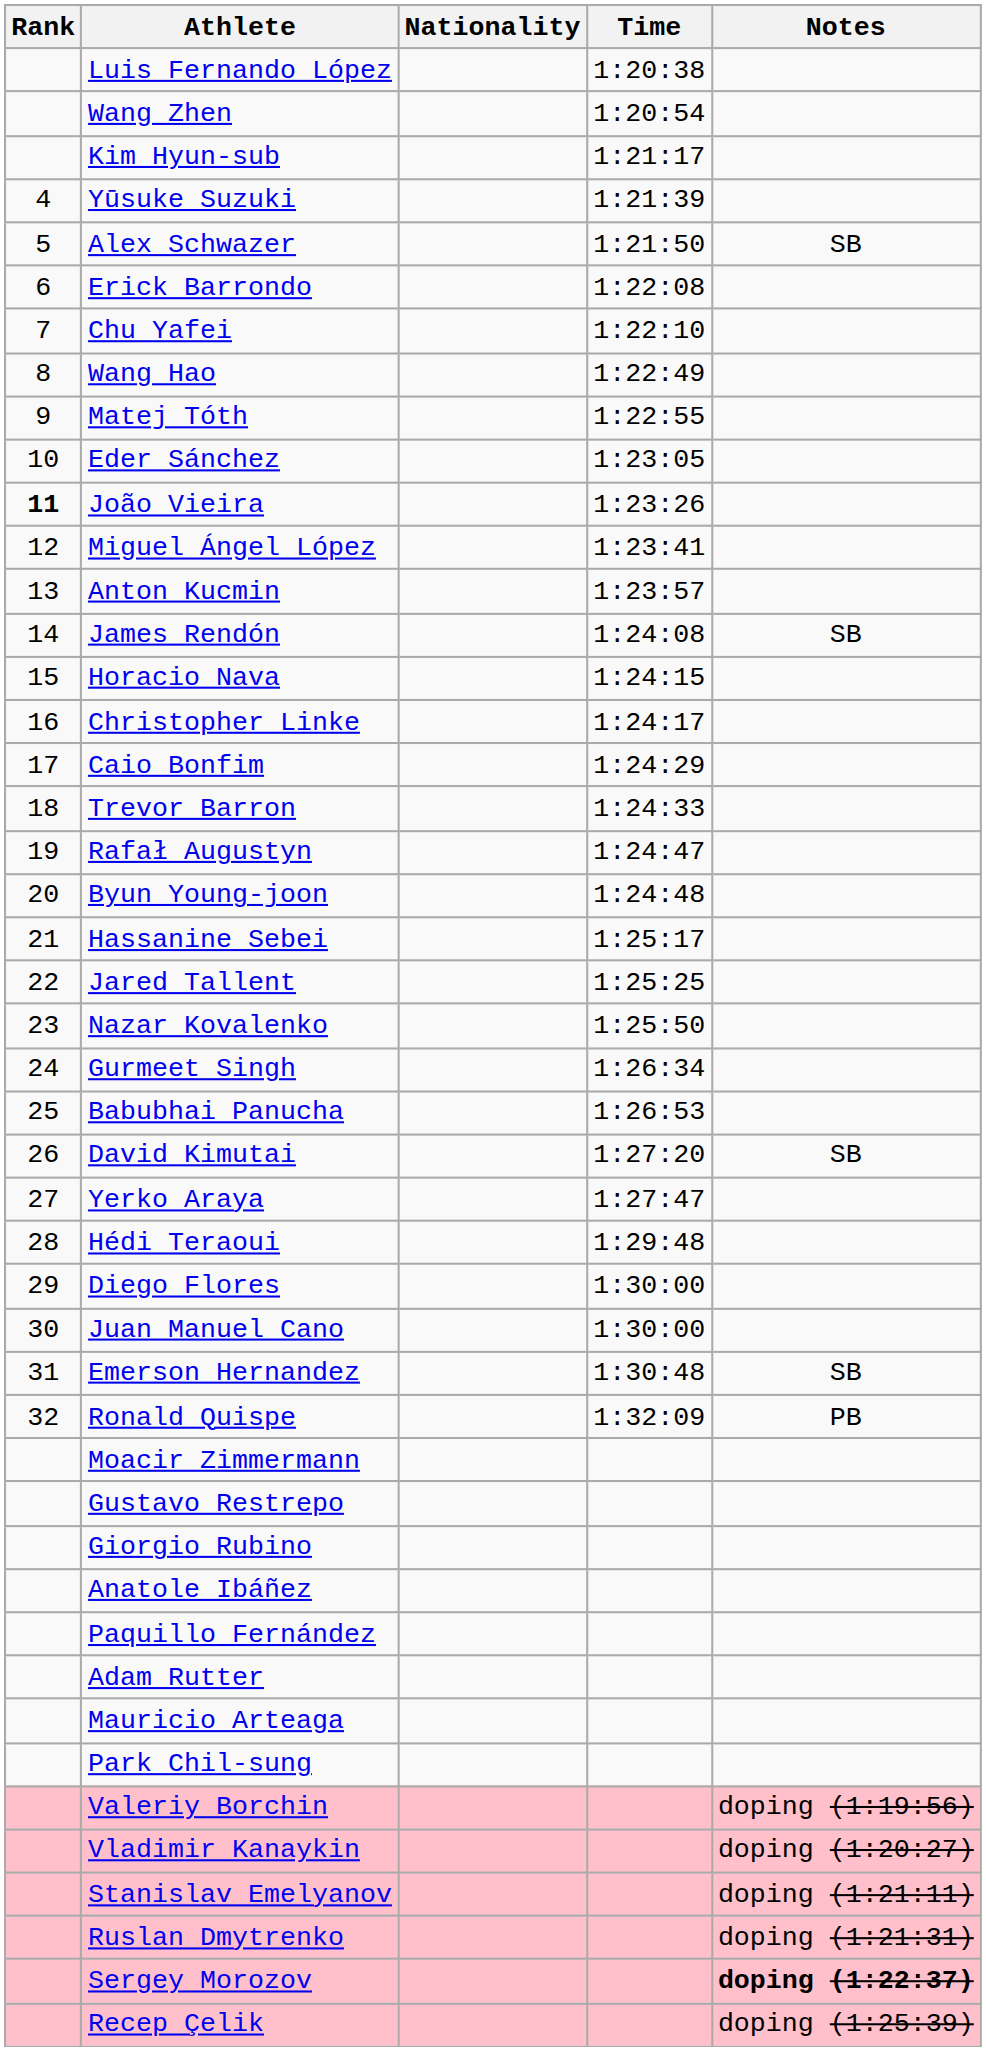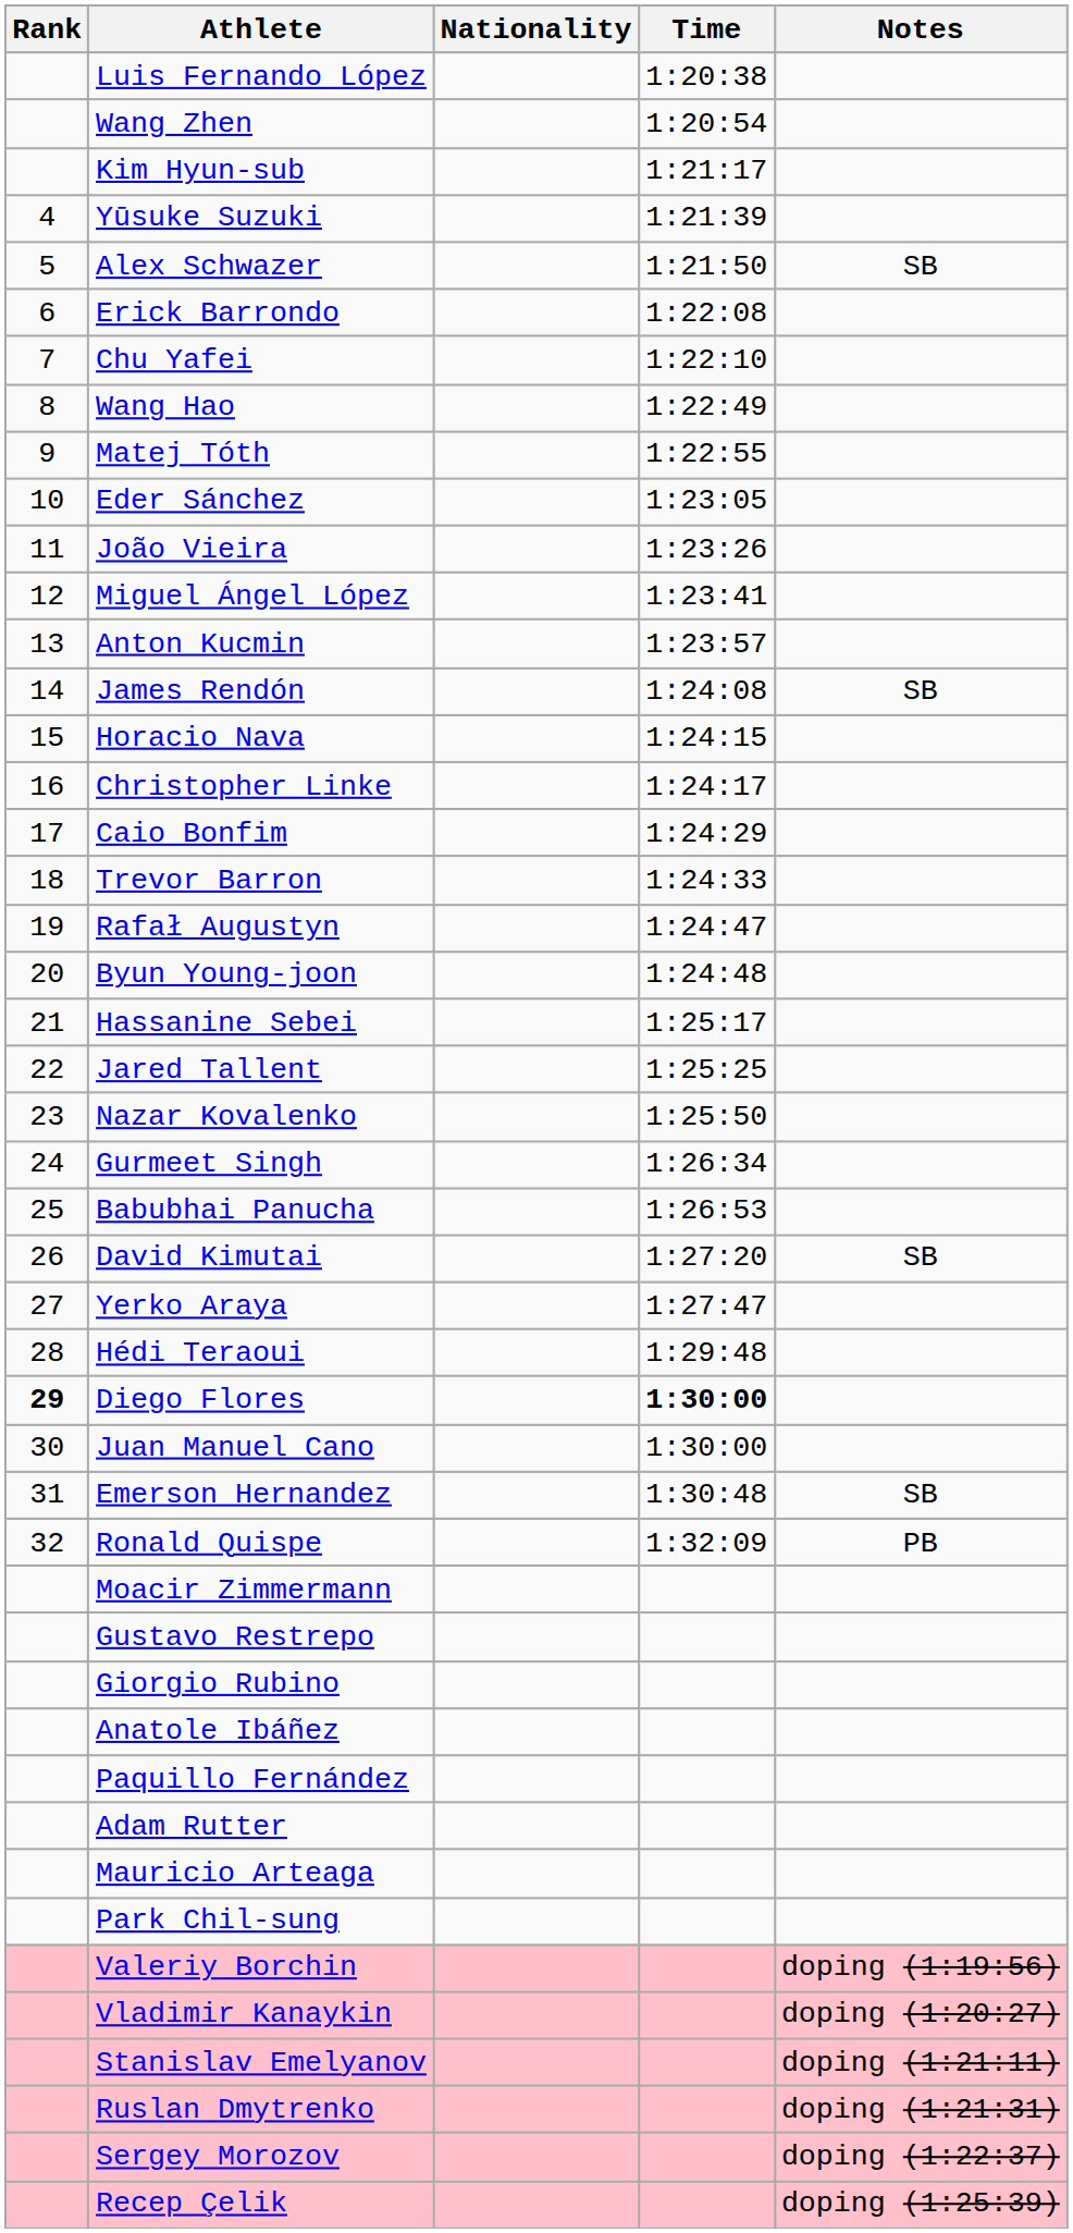 <table class="wikitable sortable" style=text-align:center>
 <tr>
 <th>Rank</th>
 <th>Athlete</th>
 <th>Nationality</th>
 <th>Time</th>
 <th>Notes</th>
 </tr>
 <tr>
 <td></td>
 <td align=left><a href='#'>Luis Fernando López</a></td>
 <td align=left></td>
 <td>1:20:38</td>
 <td><strong></strong></td>
 </tr>
 <tr>
 <td></td>
 <td align=left><a href='#'>Wang Zhen</a></td>
 <td align=left></td>
 <td>1:20:54</td>
 <td></td>
 </tr>
 <tr>
 <td></td>
 <td align=left><a href='#'>Kim Hyun-sub</a></td>
 <td align=left></td>
 <td>1:21:17</td>
 <td></td>
 </tr>
 <tr>
 <td>4</td>
 <td align=left><a href='#'>Yūsuke Suzuki</a></td>
 <td align=left></td>
 <td>1:21:39</td>
 <td></td>
 </tr>
 <tr>
 <td>5</td>
 <td align=left><a href='#'>Alex Schwazer</a></td>
 <td align=left></td>
 <td>1:21:50</td>
 <td>SB</td>
 </tr>
 <tr>
 <td>6</td>
 <td align=left><a href='#'>Erick Barrondo</a></td>
 <td align=left></td>
 <td>1:22:08</td>
 <td></td>
 </tr>
 <tr>
 <td>7</td>
 <td align=left><a href='#'>Chu Yafei</a></td>
 <td align=left></td>
 <td>1:22:10</td>
 <td></td>
 </tr>
 <tr>
 <td>8</td>
 <td align=left><a href='#'>Wang Hao</a></td>
 <td align=left></td>
 <td>1:22:49</td>
 <td></td>
 </tr>
 <tr>
 <td>9</td>
 <td align=left><a href='#'>Matej Tóth</a></td>
 <td align=left></td>
 <td>1:22:55</td>
 <td></td>
 </tr>
 <tr>
 <td>10</td>
 <td align=left><a href='#'>Eder Sánchez</a></td>
 <td align=left></td>
 <td>1:23:05</td>
 <td></td>
 </tr>
 <tr>
-<td><strong>11</strong></td>
+<td>11</td>
 <td align=left><a href='#'>João Vieira</a></td>
 <td align=left></td>
 <td>1:23:26</td>
 <td></td>
 </tr>
 <tr>
 <td>12</td>
 <td align=left><a href='#'>Miguel Ángel López</a></td>
 <td align=left></td>
 <td>1:23:41</td>
 <td></td>
 </tr>
 <tr>
 <td>13</td>
 <td align=left><a href='#'>Anton Kucmin</a></td>
 <td align=left></td>
 <td>1:23:57</td>
 <td></td>
 </tr>
 <tr>
 <td>14</td>
 <td align=left><a href='#'>James Rendón</a></td>
 <td align=left></td>
 <td>1:24:08</td>
 <td>SB</td>
 </tr>
 <tr>
 <td>15</td>
 <td align=left><a href='#'>Horacio Nava</a></td>
 <td align=left></td>
 <td>1:24:15</td>
 <td></td>
 </tr>
 <tr>
 <td>16</td>
 <td align=left><a href='#'>Christopher Linke</a></td>
 <td align=left></td>
 <td>1:24:17</td>
 <td></td>
 </tr>
 <tr>
 <td>17</td>
 <td align=left><a href='#'>Caio Bonfim</a></td>
 <td align=left></td>
 <td>1:24:29</td>
 <td></td>
 </tr>
 <tr>
 <td>18</td>
 <td align=left><a href='#'>Trevor Barron</a></td>
 <td align=left></td>
 <td>1:24:33</td>
 <td></td>
 </tr>
 <tr>
 <td>19</td>
 <td align=left><a href='#'>Rafał Augustyn</a></td>
 <td align=left></td>
 <td>1:24:47</td>
 <td></td>
 </tr>
 <tr>
 <td>20</td>
 <td align=left><a href='#'>Byun Young-joon</a></td>
 <td align=left></td>
 <td>1:24:48</td>
 <td></td>
 </tr>
 <tr>
 <td>21</td>
 <td align=left><a href='#'>Hassanine Sebei</a></td>
 <td align=left></td>
 <td>1:25:17</td>
 <td></td>
 </tr>
 <tr>
 <td>22</td>
 <td align=left><a href='#'>Jared Tallent</a></td>
 <td align=left></td>
 <td>1:25:25</td>
 <td></td>
 </tr>
 <tr>
 <td>23</td>
 <td align=left><a href='#'>Nazar Kovalenko</a></td>
 <td align=left></td>
 <td>1:25:50</td>
 <td></td>
 </tr>
 <tr>
 <td>24</td>
 <td align=left><a href='#'>Gurmeet Singh</a></td>
 <td align=left></td>
 <td>1:26:34</td>
 <td></td>
 </tr>
 <tr>
 <td>25</td>
 <td align=left><a href='#'>Babubhai Panucha</a></td>
 <td align=left></td>
 <td>1:26:53</td>
 <td></td>
 </tr>
 <tr>
 <td>26</td>
 <td align=left><a href='#'>David Kimutai</a></td>
 <td align=left></td>
 <td>1:27:20</td>
 <td>SB</td>
 </tr>
 <tr>
 <td>27</td>
 <td align=left><a href='#'>Yerko Araya</a></td>
 <td align=left></td>
 <td>1:27:47</td>
 <td></td>
 </tr>
 <tr>
 <td>28</td>
 <td align=left><a href='#'>Hédi Teraoui</a></td>
 <td align=left></td>
 <td>1:29:48</td>
 <td></td>
 </tr>
 <tr>
-<td>29</td>
+<td><strong>29</strong></td>
 <td align=left><a href='#'>Diego Flores</a></td>
 <td align=left></td>
-<td>1:30:00</td>
+<td><strong>1:30:00</strong></td>
 <td></td>
 </tr>
 <tr>
 <td>30</td>
 <td align=left><a href='#'>Juan Manuel Cano</a></td>
 <td align=left></td>
 <td>1:30:00</td>
 <td></td>
 </tr>
 <tr>
 <td>31</td>
 <td align=left><a href='#'>Emerson Hernandez</a></td>
 <td align=left></td>
 <td>1:30:48</td>
 <td>SB</td>
 </tr>
 <tr>
 <td>32</td>
 <td align=left><a href='#'>Ronald Quispe</a></td>
 <td align=left></td>
 <td>1:32:09</td>
 <td>PB</td>
 </tr>
 <tr>
 <td></td>
 <td align=left><a href='#'>Moacir Zimmermann</a></td>
 <td align=left></td>
 <td></td>
 <td></td>
 </tr>
 <tr>
 <td></td>
 <td align=left><a href='#'>Gustavo Restrepo</a></td>
 <td align=left></td>
 <td></td>
 <td></td>
 </tr>
 <tr>
 <td></td>
 <td align=left><a href='#'>Giorgio Rubino</a></td>
 <td align=left></td>
 <td></td>
 <td></td>
 </tr>
 <tr>
 <td></td>
 <td align=left><a href='#'>Anatole Ibáñez</a></td>
 <td align=left></td>
 <td></td>
 <td></td>
 </tr>
 <tr>
 <td></td>
 <td align=left><a href='#'>Paquillo Fernández</a></td>
 <td align=left></td>
 <td></td>
 <td></td>
 </tr>
 <tr>
 <td></td>
 <td align=left><a href='#'>Adam Rutter</a></td>
 <td align=left></td>
 <td></td>
 <td></td>
 </tr>
 <tr>
 <td></td>
 <td align=left><a href='#'>Mauricio Arteaga</a></td>
 <td align=left></td>
 <td></td>
 <td></td>
 </tr>
 <tr>
 <td></td>
 <td align=left><a href='#'>Park Chil-sung</a></td>
 <td align=left></td>
 <td></td>
 <td></td>
 </tr>
 <tr bgcolor=pink>
 <td></td>
 <td align=left><a href='#'>Valeriy Borchin</a></td>
 <td align=left></td>
 <td></td>
 <td>doping <s>(1:19:56)</s></td>
 </tr>
 <tr bgcolor=pink>
 <td></td>
 <td align=left><a href='#'>Vladimir Kanaykin</a></td>
 <td align=left></td>
 <td></td>
 <td>doping <s>(1:20:27)</s></td>
 </tr>
 <tr bgcolor=pink>
 <td></td>
 <td align=left><a href='#'>Stanislav Emelyanov</a></td>
 <td align=left></td>
 <td></td>
 <td>doping <s>(1:21:11)</s></td>
 </tr>
 <tr bgcolor=pink>
 <td></td>
 <td align=left><a href='#'>Ruslan Dmytrenko</a></td>
 <td align=left></td>
 <td></td>
 <td>doping <s>(1:21:31)</s></td>
 </tr>
 <tr bgcolor=pink>
 <td></td>
 <td align=left><a href='#'>Sergey Morozov</a></td>
 <td align=left></td>
 <td></td>
-<td><strong>doping <s>(1:22:37)</s></strong></td>
+<td>doping <s>(1:22:37)</s></td>
 </tr>
 <tr bgcolor=pink>
 <td></td>
 <td align=left><a href='#'>Recep Çelik</a></td>
 <td align=left></td>
 <td></td>
 <td>doping <s>(1:25:39)</s></td>
 </tr>
 </table>
